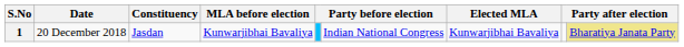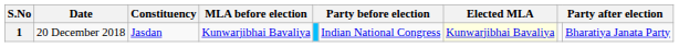 <table class="wikitable sortable">
 <tr>
 <th>S.No</th>
 <th>Date</th>
 <th>Constituency</th>
 <th>MLA before election</th>
 <th colspan="2">Party before election</th>
 <th>Elected MLA</th>
 <th colspan="2">Party after election</th>
 </tr>
 <tr>
 <th>1</th>
 <td>20 December 2018</td>
 <td><a href='#'>Jasdan</a></td>
 <td><a href='#'>Kunwarjibhai Bavaliya</a></td>
 <td bgcolor=#00BFFF></td>
 <td><a href='#'>Indian National Congress</a></td>
-<td><a href='#'>Kunwarjibhai Bavaliya</a></td>
+<td style="background: lightyellow;"><a href='#'>Kunwarjibhai Bavaliya</a></td>
 <td></td>
-<td style="background: khaki;"><a href='#'>Bharatiya Janata Party</a></td>
+<td><a href='#'>Bharatiya Janata Party</a></td>
 </tr>
 </table>
